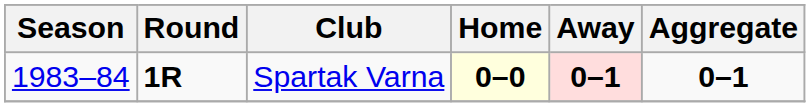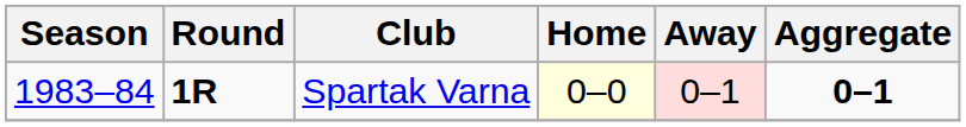 <table class="wikitable">
 <tr>
 <th>Season</th>
 <th>Round</th>
 <th>Club</th>
 <th>Home</th>
 <th>Away</th>
 <th>Aggregate</th>
 </tr>
 <tr>
 <td><a href='#'>1983–84</a></td>
 <td><strong>1R</strong></td>
 <td> <a href='#'>Spartak Varna</a></td>
-<td style="text-align:center; background:#ffd;"><strong>0–0</strong></td>
-<td style="text-align:center; background:#fdd;"><strong>0–1</strong></td>
+<td style="text-align:center; background:#ffd;">0–0</td>
+<td style="text-align:center; background:#fdd;">0–1</td>
 <td style="text-align:center;"><strong>0–1</strong></td>
 </tr>
 <tr>
 </tr>
 </table>
